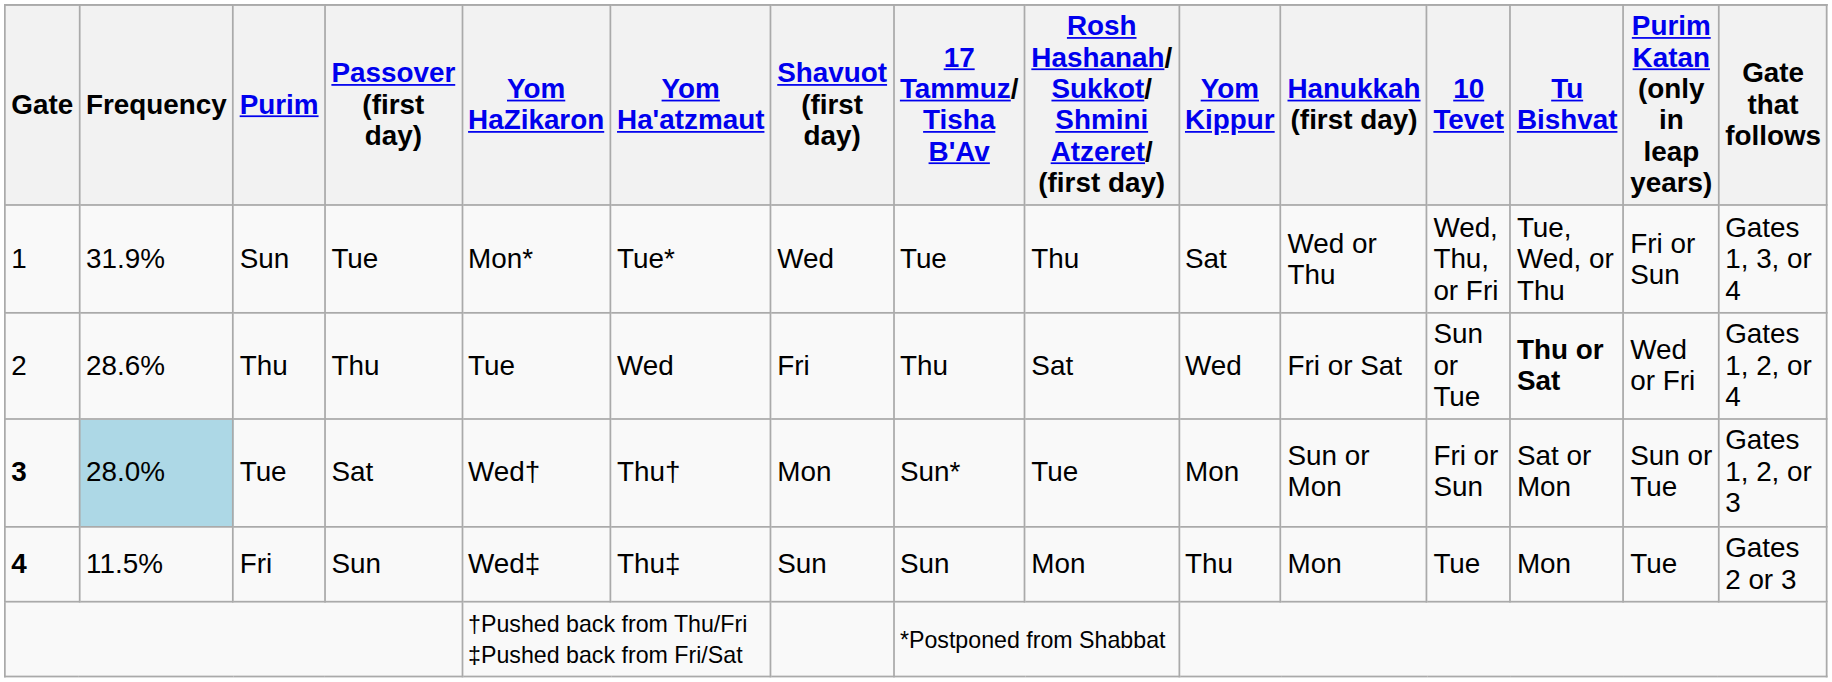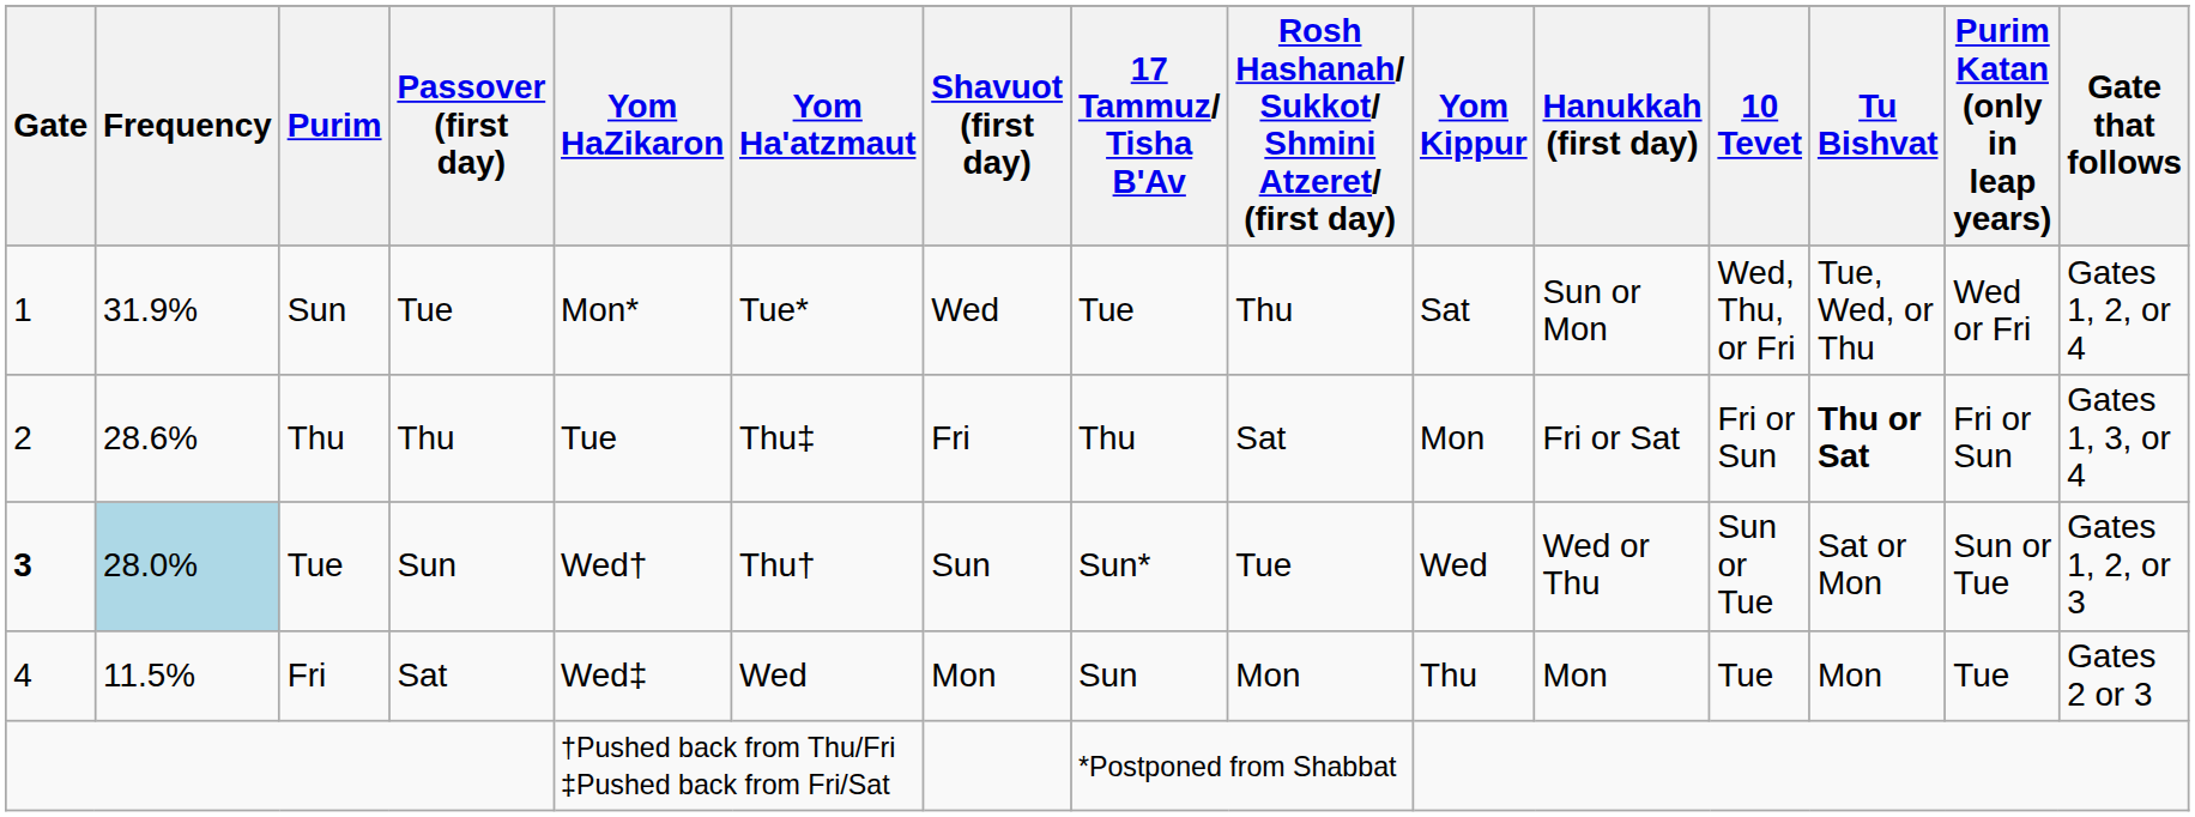 <table class="wikitable">
 <tr style="background-color:#DDDDDD;text-align:center;">
 </tr>
 <tr>
 <th>Gate</th>
 <th>Frequency</th>
 <th><a href='#'>Purim</a></th>
 <th><a href='#'>Passover</a><br>(first day)</th>
 <th><a href='#'>Yom HaZikaron</a></th>
 <th><a href='#'>Yom Ha'atzmaut</a></th>
 <th><a href='#'>Shavuot</a><br>(first day)</th>
 <th><a href='#'>17 Tammuz</a>/<br><a href='#'>Tisha B'Av</a></th>
 <th><a href='#'>Rosh Hashanah</a>/<br><a href='#'>Sukkot</a>/<br><a href='#'>Shmini Atzeret</a>/<br>(first day)</th>
 <th><a href='#'>Yom Kippur</a></th>
 <th><a href='#'>Hanukkah</a><br>(first day)</th>
 <th><a href='#'>10 Tevet</a></th>
 <th><a href='#'>Tu Bishvat</a></th>
 <th><a href='#'>Purim Katan</a> (only in leap years)</th>
 <th>Gate that follows</th>
 </tr>
 <tr>
 <td>1</td>
 <td>31.9%</td>
 <td>Sun</td>
 <td>Tue</td>
 <td>Mon*</td>
 <td>Tue*</td>
 <td>Wed</td>
 <td>Tue</td>
 <td>Thu</td>
 <td>Sat</td>
-<td>Wed or Thu</td>
+<td>Sun or Mon</td>
 <td>Wed, Thu, or Fri</td>
 <td>Tue, Wed, or Thu</td>
-<td>Fri or Sun</td>
-<td>Gates <abbr>1</abbr>, <abbr>3</abbr>, or 4</td>
+<td>Wed or Fri</td>
+<td>Gates 1, <abbr>2</abbr>, or <abbr>4</abbr></td>
 </tr>
 <tr>
 <td>2</td>
 <td>28.6%</td>
 <td>Thu</td>
 <td>Thu</td>
 <td>Tue</td>
-<td>Wed</td>
+<td>Thu‡</td>
 <td>Fri</td>
 <td>Thu</td>
 <td>Sat</td>
-<td>Wed</td>
+<td>Mon</td>
 <td>Fri or Sat</td>
-<td>Sun or Tue</td>
+<td>Fri or Sun</td>
 <td><strong>Thu or Sat</strong></td>
-<td>Wed or Fri</td>
-<td>Gates 1, <abbr>2</abbr>, or <abbr>4</abbr></td>
+<td>Fri or Sun</td>
+<td>Gates <abbr>1</abbr>, <abbr>3</abbr>, or 4</td>
 </tr>
 <tr>
 <td><strong>3</strong></td>
 <td style="background: lightblue;">28.0%</td>
 <td>Tue</td>
-<td>Sat</td>
+<td>Sun</td>
 <td>Wed†</td>
 <td>Thu†</td>
-<td>Mon</td>
+<td>Sun</td>
 <td>Sun*</td>
 <td>Tue</td>
-<td>Mon</td>
-<td>Sun or Mon</td>
-<td>Fri or Sun</td>
+<td>Wed</td>
+<td>Wed or Thu</td>
+<td>Sun or Tue</td>
 <td>Sat or Mon</td>
 <td>Sun or Tue</td>
 <td>Gates <abbr>1</abbr>, 2, or <abbr>3</abbr></td>
 </tr>
 <tr>
-<td><strong>4</strong></td>
+<td>4</td>
 <td>11.5%</td>
 <td>Fri</td>
-<td>Sun</td>
+<td>Sat</td>
 <td>Wed‡</td>
-<td>Thu‡</td>
-<td>Sun</td>
+<td>Wed</td>
+<td>Mon</td>
 <td>Sun</td>
 <td>Mon</td>
 <td>Thu</td>
 <td>Mon</td>
 <td>Tue</td>
 <td>Mon</td>
 <td>Tue</td>
 <td>Gates <abbr>2</abbr> or <abbr>3</abbr></td>
 </tr>
 <tr>
 <td colspan=4></td>
 <td colspan=2><small>†Pushed back from Thu/Fri</small><br><small>‡Pushed back from Fri/Sat</small></td>
 <td colspan=1></td>
 <td colspan=2><small>*Postponed from Shabbat</small></td>
 <td colspan=6></td>
 </tr>
 </table>
